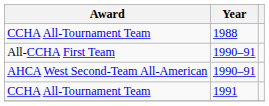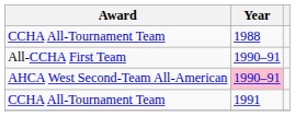 <table class="wikitable">
 <tr>
 <th>Award</th>
 <th>Year</th>
 <th></th>
 </tr>
 <tr>
 <td><a href='#'>CCHA</a> <a href='#'>All-Tournament Team</a></td>
 <td><a href='#'>1988</a></td>
 <td></td>
 </tr>
 <tr>
 <td>All-<a href='#'>CCHA</a> <a href='#'>First Team</a></td>
 <td><a href='#'>1990–91</a></td>
 <td></td>
 </tr>
 <tr>
 <td><a href='#'>AHCA</a> <a href='#'>West Second-Team All-American</a></td>
-<td><a href='#'>1990–91</a></td>
+<td style="background: pink;"><a href='#'>1990–91</a></td>
 <td></td>
 </tr>
 <tr>
 <td><a href='#'>CCHA</a> <a href='#'>All-Tournament Team</a></td>
 <td><a href='#'>1991</a></td>
 <td></td>
 </tr>
 <tr>
 </tr>
 </table>
